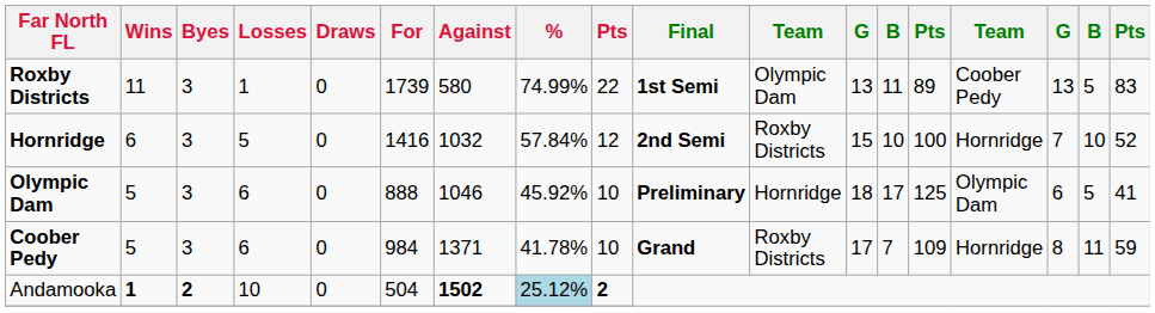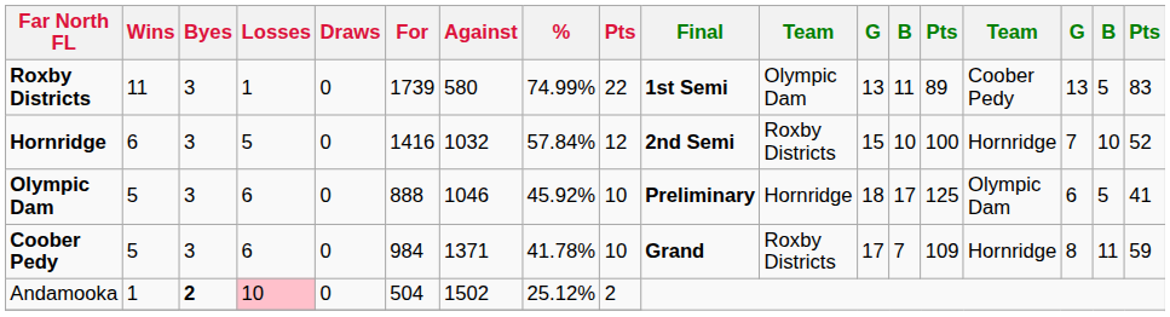 <table class="wikitable">
 <tr>
 <th style="color:crimson">Far North FL</th>
 <th style="color:crimson">Wins</th>
 <th style="color:crimson">Byes</th>
 <th style="color:crimson">Losses</th>
 <th style="color:crimson">Draws</th>
 <th style="color:crimson">For</th>
 <th style="color:crimson">Against</th>
 <th style="color:crimson">%</th>
 <th style="color:crimson">Pts</th>
 <th style="color:green">Final</th>
 <th style="color:green">Team</th>
 <th style="color:green">G</th>
 <th style="color:green">B</th>
 <th style="color:green">Pts</th>
 <th style="color:green">Team</th>
 <th style="color:green">G</th>
 <th style="color:green">B</th>
 <th style="color:green">Pts</th>
 </tr>
 <tr>
 <td><strong>	Roxby Districts	</strong></td>
 <td>11</td>
 <td>3</td>
 <td>1</td>
 <td>0</td>
 <td>1739</td>
 <td>580</td>
 <td>74.99%</td>
 <td>22</td>
 <td><strong>1st Semi</strong></td>
 <td>Olympic Dam</td>
 <td>13</td>
 <td>11</td>
 <td>89</td>
 <td>Coober Pedy</td>
 <td>13</td>
 <td>5</td>
 <td>83</td>
 </tr>
 <tr>
 <td><strong>	Hornridge	</strong></td>
 <td>6</td>
 <td>3</td>
 <td>5</td>
 <td>0</td>
 <td>1416</td>
 <td>1032</td>
 <td>57.84%</td>
 <td>12</td>
 <td><strong>2nd Semi</strong></td>
 <td>Roxby Districts</td>
 <td>15</td>
 <td>10</td>
 <td>100</td>
 <td>Hornridge</td>
 <td>7</td>
 <td>10</td>
 <td>52</td>
 </tr>
 <tr>
 <td><strong>	Olympic Dam	</strong></td>
 <td>5</td>
 <td>3</td>
 <td>6</td>
 <td>0</td>
 <td>888</td>
 <td>1046</td>
 <td>45.92%</td>
 <td>10</td>
 <td><strong>Preliminary</strong></td>
 <td>Hornridge</td>
 <td>18</td>
 <td>17</td>
 <td>125</td>
 <td>Olympic Dam</td>
 <td>6</td>
 <td>5</td>
 <td>41</td>
 </tr>
 <tr>
 <td><strong>	Coober Pedy	</strong></td>
 <td>5</td>
 <td>3</td>
 <td>6</td>
 <td>0</td>
 <td>984</td>
 <td>1371</td>
 <td>41.78%</td>
 <td>10</td>
 <td><strong>Grand</strong></td>
 <td>Roxby Districts</td>
 <td>17</td>
 <td>7</td>
 <td>109</td>
 <td>Hornridge</td>
 <td>8</td>
 <td>11</td>
 <td>59</td>
 </tr>
 <tr>
 <td>Andamooka</td>
-<td><strong>1</strong></td>
+<td>1</td>
 <td><strong>2</strong></td>
-<td>10</td>
+<td style="background: pink;">10</td>
 <td>0</td>
 <td>504</td>
-<td><strong>1502</strong></td>
-<td style="background: lightblue;">25.12%</td>
-<td><strong>2</strong></td>
+<td>1502</td>
+<td>25.12%</td>
+<td>2</td>
 </tr>
 <tr>
 </tr>
 </table>
